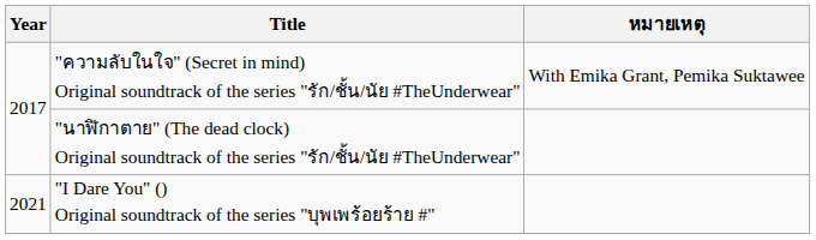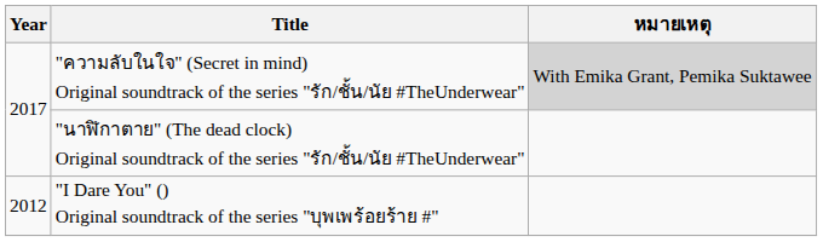 <table class="wikitable" style="margin-bottom: 10px;">
 <tr>
 <th>Year</th>
 <th>Title</th>
 <th>หมายเหตุ</th>
 </tr>
 <tr>
 <td rowspan="2">2017</td>
 <td>"ความลับในใจ" (Secret in mind)<br>Original soundtrack of the series "รัก/ชั้น/นัย #TheUnderwear"</td>
-<td>With Emika Grant, Pemika Suktawee</td>
+<td style="background: lightgrey;">With Emika Grant, Pemika Suktawee</td>
 </tr>
 <tr>
 <td>"นาฬิกาตาย" (The dead clock)<br>Original soundtrack of the series "รัก/ชั้น/นัย #TheUnderwear"</td>
 </tr>
 <tr>
-<td rowspan="1">2021</td>
+<td rowspan="1">2012</td>
 <td>"I Dare You" ()<br>Original soundtrack of the series "บุพเพร้อยร้าย #"</td>
 <td></td>
 </tr>
 <tr>
 </tr>
 </table>
